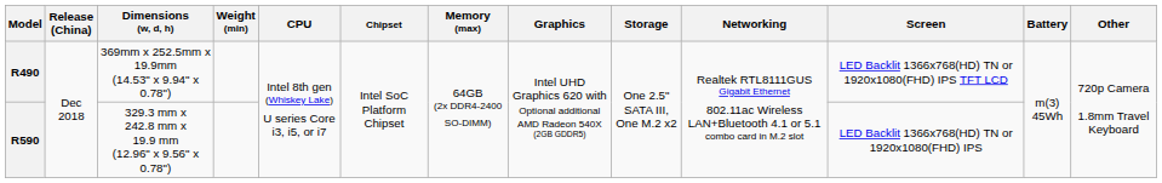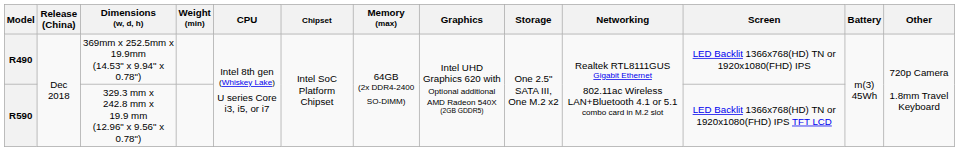 <table class="wikitable" style="font-size:80%; text-align:center">
 <tr>
 <th>Model</th>
 <th>Release<br>(China)</th>
 <th>Dimensions <br><sup>(w, d, h)</sup></th>
 <th>Weight <br><sup>(min)</sup></th>
 <th>CPU</th>
 <th><small>Chipset</small></th>
 <th>Memory <br><sup>(max)</sup></th>
 <th>Graphics</th>
 <th>Storage</th>
 <th>Networking</th>
 <th>Screen</th>
 <th>Battery</th>
 <th>Other</th>
 </tr>
 <tr>
 <th>R490 </th>
 <td rowspan="2">Dec 2018</td>
 <td>369mm x 252.5mm x 19.9mm <br>(14.53" x 9.94" x 0.78")</td>
 <td></td>
 <td rowspan="2" style="background:">Intel 8th gen <br><sup>(<a href='#'>Whiskey Lake</a>)</sup> <br>U series Core i3, i5, or i7</td>
 <td rowspan="2">Intel SoC Platform Chipset</td>
 <td rowspan="2" style="background:">64GB <br><sup>(2x DDR4-2400 SO-DIMM)</sup></td>
 <td rowspan="2" style="background:">Intel UHD Graphics 620 with <br><small>Optional additional AMD Radeon 540X <br><sup>(2GB GDDR5)</sup></small></td>
 <td rowspan="2" style="background:">One 2.5" SATA III, <br>One M.2 x2</td>
 <td rowspan="2">Realtek RTL8111GUS <br><sup><a href='#'>Gigabit Ethernet</a></sup> <br>802.11ac Wireless LAN+Bluetooth 4.1 or 5.1<br><sup>combo card in M.2 slot</sup></td>
-<td style="background:"><a href='#'>LED Backlit</a> 1366x768(HD) TN or 1920x1080(FHD) IPS <a href='#'>TFT LCD</a></td>
+<td style="background:"><a href='#'>LED Backlit</a> 1366x768(HD) TN or 1920x1080(FHD) IPS</td>
 <td rowspan="2" style="background:">m(3) <br>45Wh</td>
 <td rowspan="2">720p Camera <br><br>1.8mm Travel Keyboard</td>
 </tr>
 <tr>
 <th>R590</th>
 <td>329.3 mm x 242.8 mm x 19.9 mm <br>(12.96" x 9.56" x 0.78")</td>
 <td></td>
-<td style="background:"><a href='#'>LED Backlit</a> 1366x768(HD) TN or 1920x1080(FHD) IPS</td>
+<td style="background:"><a href='#'>LED Backlit</a> 1366x768(HD) TN or 1920x1080(FHD) IPS <a href='#'>TFT LCD</a></td>
 </tr>
 </table>
